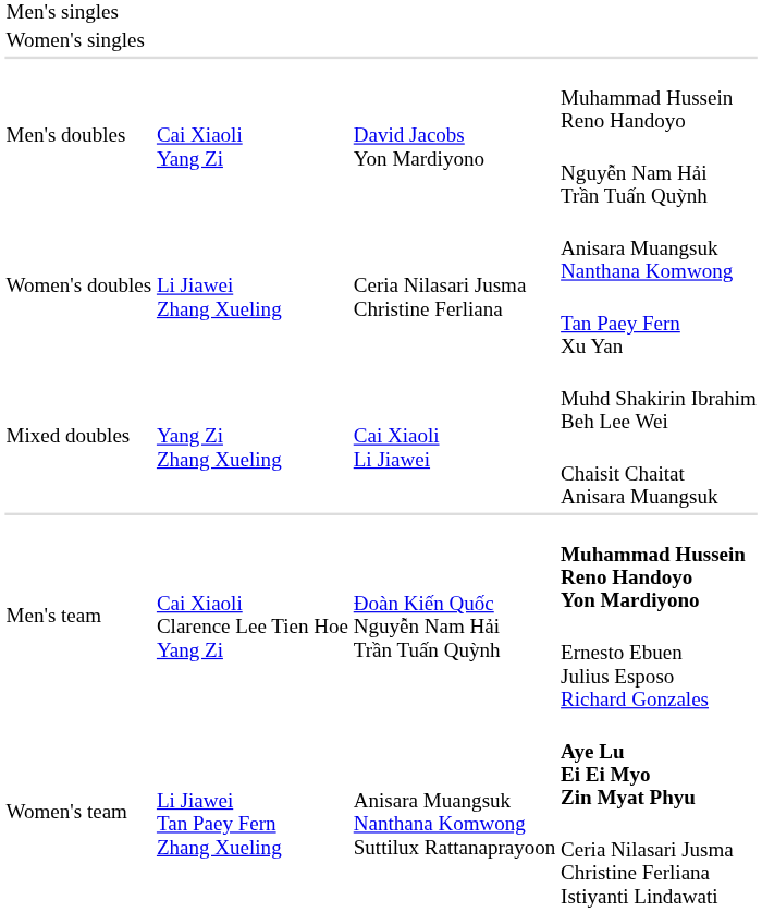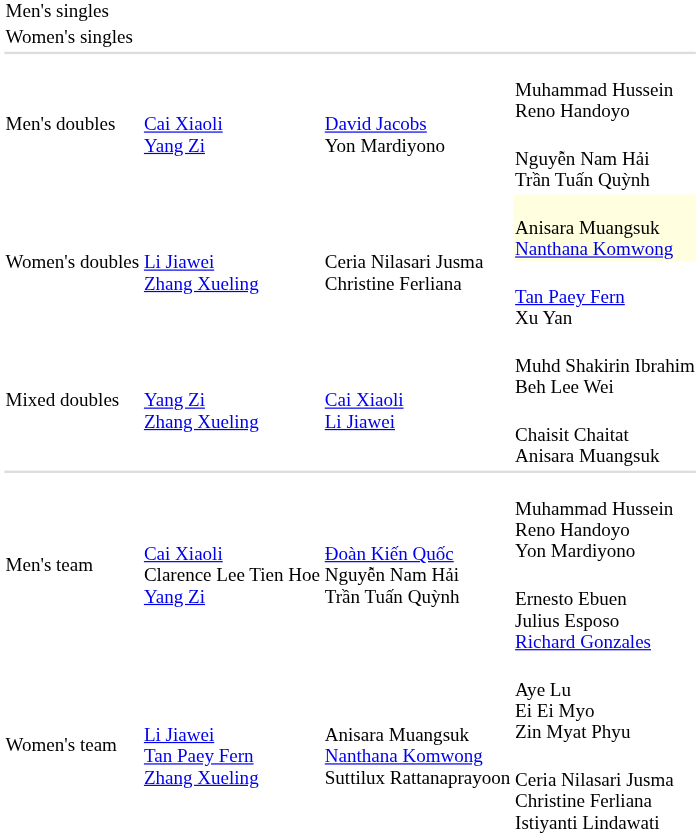 <table>
 <tr>
 <td rowspan=2>Men's singles</td>
 <td rowspan=2></td>
 <td rowspan=2></td>
 <td></td>
 </tr>
 <tr>
 <td></td>
 </tr>
 <tr>
 <td rowspan=2>Women's singles</td>
 <td rowspan=2></td>
 <td rowspan=2></td>
 <td></td>
 </tr>
 <tr>
 <td></td>
 </tr>
 <tr bgcolor=#dddddd>
 <td colspan=5></td>
 </tr>
 <tr>
 <td rowspan=2>Men's doubles</td>
 <td rowspan=2><br><a href='#'>Cai Xiaoli</a><br><a href='#'>Yang Zi</a></td>
 <td rowspan=2><br><a href='#'>David Jacobs</a><br>Yon Mardiyono</td>
 <td><br>Muhammad Hussein<br>Reno Handoyo</td>
 </tr>
 <tr>
 <td><br>Nguyễn Nam Hải<br>Trần Tuấn Quỳnh</td>
 </tr>
 <tr>
 <td rowspan=2>Women's doubles</td>
 <td rowspan=2><br><a href='#'>Li Jiawei</a><br><a href='#'>Zhang Xueling</a></td>
 <td rowspan=2><br>Ceria Nilasari Jusma<br>Christine Ferliana</td>
-<td><br>Anisara Muangsuk<br><a href='#'>Nanthana Komwong</a></td>
+<td style="background: lightyellow;"><br>Anisara Muangsuk<br><a href='#'>Nanthana Komwong</a></td>
 </tr>
 <tr>
 <td><br><a href='#'>Tan Paey Fern</a><br>Xu Yan</td>
 </tr>
 <tr>
 <td rowspan=2>Mixed doubles</td>
 <td rowspan=2><br><a href='#'>Yang Zi</a><br><a href='#'>Zhang Xueling</a></td>
 <td rowspan=2><br><a href='#'>Cai Xiaoli</a><br><a href='#'>Li Jiawei</a></td>
 <td nowrap=true><br>Muhd Shakirin Ibrahim<br>Beh Lee Wei</td>
 </tr>
 <tr>
 <td><br>Chaisit Chaitat<br>Anisara Muangsuk</td>
 </tr>
 <tr bgcolor=#dddddd>
 <td colspan=5></td>
 </tr>
 <tr>
 <td rowspan=2>Men's team</td>
 <td rowspan=2 nowrap=true><br><a href='#'>Cai Xiaoli</a><br>Clarence Lee Tien Hoe<br><a href='#'>Yang Zi</a></td>
 <td rowspan=2><br><a href='#'>Đoàn Kiến Quốc</a><br>Nguyễn Nam Hải<br>Trần Tuấn Quỳnh</td>
-<td><strong><br>Muhammad Hussein<br>Reno Handoyo<br>Yon Mardiyono</strong></td>
+<td><br>Muhammad Hussein<br>Reno Handoyo<br>Yon Mardiyono</td>
 </tr>
 <tr>
 <td><br>Ernesto Ebuen<br>Julius Esposo<br><a href='#'>Richard Gonzales</a></td>
 </tr>
 <tr>
 <td rowspan=2>Women's team</td>
 <td rowspan=2><br><a href='#'>Li Jiawei</a><br><a href='#'>Tan Paey Fern</a><br><a href='#'>Zhang Xueling</a></td>
 <td rowspan=2 nowrap=true><br>Anisara Muangsuk<br><a href='#'>Nanthana Komwong</a><br>Suttilux Rattanaprayoon</td>
-<td><strong><br>Aye Lu<br>Ei Ei Myo<br>Zin Myat Phyu</strong></td>
+<td><br>Aye Lu<br>Ei Ei Myo<br>Zin Myat Phyu</td>
 </tr>
 <tr>
 <td><br>Ceria Nilasari Jusma<br>Christine Ferliana<br>Istiyanti Lindawati</td>
 </tr>
 </table>
